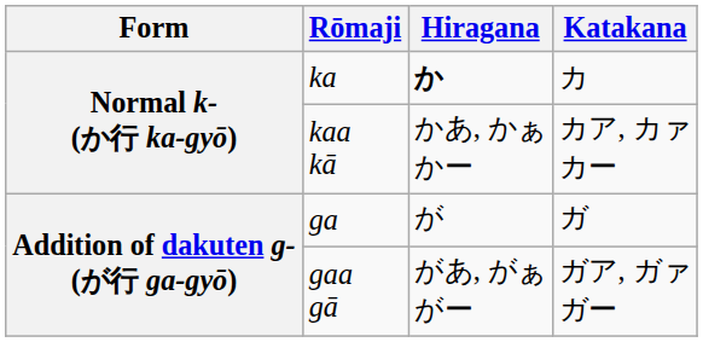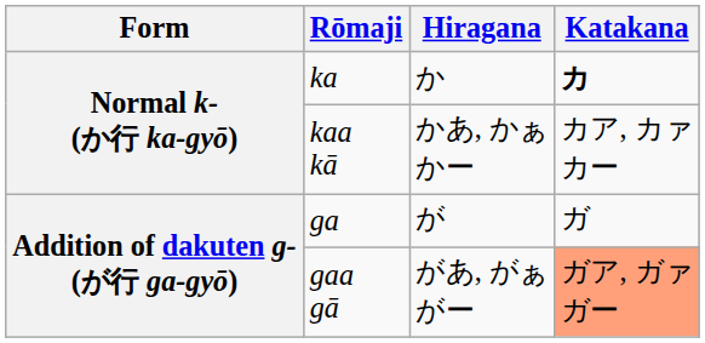 <table class="wikitable">
 <tr>
 <th>Form</th>
 <th><a href='#'>Rōmaji</a></th>
 <th><a href='#'>Hiragana</a></th>
 <th><a href='#'>Katakana</a></th>
 </tr>
 <tr>
 <th rowspan="2">Normal <em>k-</em><br>(か行 <em>ka-gyō</em>)</th>
 <td><em>ka</em></td>
-<td><strong>か</strong></td>
-<td>カ</td>
+<td>か</td>
+<td><strong>カ</strong></td>
 </tr>
 <tr>
 <td><em>kaa</em><br><em>kā</em></td>
 <td>かあ, かぁ<br>かー</td>
 <td>カア, カァ<br>カー</td>
 </tr>
 <tr>
 <th rowspan="2">Addition of <a href='#'>dakuten</a> <em>g-</em><br>(が行 <em>ga-gyō</em>)</th>
 <td><em>ga</em></td>
 <td>が</td>
 <td>ガ</td>
 </tr>
 <tr>
 <td><em>gaa</em><br><em>gā</em></td>
 <td>があ, がぁ<br>がー</td>
-<td>ガア, ガァ<br>ガー</td>
+<td style="background: lightsalmon;">ガア, ガァ<br>ガー</td>
 </tr>
 </table>
